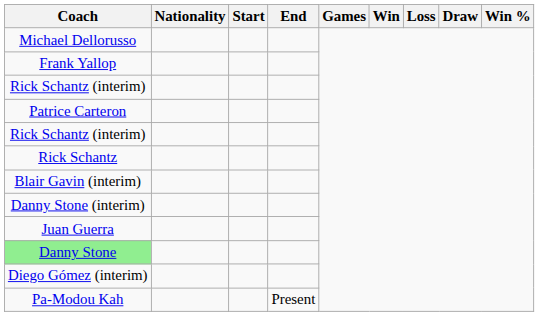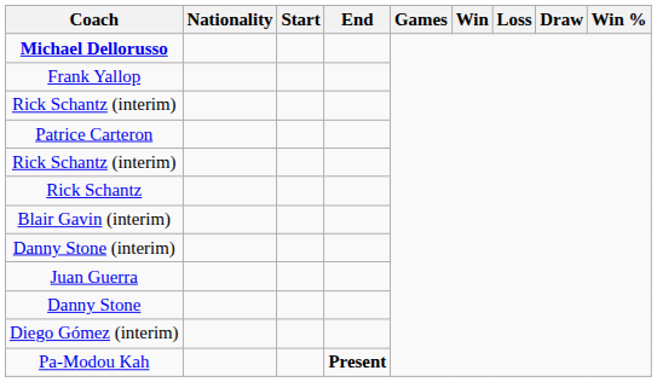 <table class="wikitable" style="text-align:center; margin-left: lem;">
 <tr>
 <th>Coach</th>
 <th>Nationality</th>
 <th>Start</th>
 <th>End</th>
 <th>Games</th>
 <th><strong>Win</strong></th>
 <th>Loss</th>
 <th>Draw</th>
 <th>Win %</th>
 </tr>
 <tr>
-<td><a href='#'>Michael Dellorusso</a></td>
+<td><strong><a href='#'>Michael Dellorusso</a></strong></td>
 <td></td>
 <td></td>
 <td><br></td>
 </tr>
 <tr>
 <td><a href='#'>Frank Yallop</a></td>
 <td></td>
 <td></td>
 <td><br></td>
 </tr>
 <tr>
 <td><a href='#'>Rick Schantz</a> (interim)</td>
 <td></td>
 <td></td>
 <td><br></td>
 </tr>
 <tr>
 <td><a href='#'>Patrice Carteron</a></td>
 <td></td>
 <td></td>
 <td><br></td>
 </tr>
 <tr>
 <td><a href='#'>Rick Schantz</a> (interim)</td>
 <td></td>
 <td></td>
 <td><br></td>
 </tr>
 <tr>
 <td><a href='#'>Rick Schantz</a></td>
 <td></td>
 <td></td>
 <td><br></td>
 </tr>
 <tr>
 <td><a href='#'>Blair Gavin</a> (interim)</td>
 <td></td>
 <td></td>
 <td><br></td>
 </tr>
 <tr>
 <td><a href='#'>Danny Stone</a> (interim)</td>
 <td></td>
 <td></td>
 <td><br></td>
 </tr>
 <tr>
 <td><a href='#'>Juan Guerra</a></td>
 <td></td>
 <td></td>
 <td><br></td>
 </tr>
 <tr>
-<td style="background: lightgreen;"><a href='#'>Danny Stone</a></td>
+<td><a href='#'>Danny Stone</a></td>
 <td></td>
 <td></td>
 <td><br></td>
 </tr>
 <tr>
 <td><a href='#'>Diego Gómez</a> (interim)</td>
 <td></td>
 <td></td>
 <td><br></td>
 </tr>
 <tr>
 <td><a href='#'>Pa-Modou Kah</a></td>
 <td></td>
 <td></td>
-<td>Present<br></td>
+<td><strong>Present<br></strong></td>
 </tr>
 </table>
